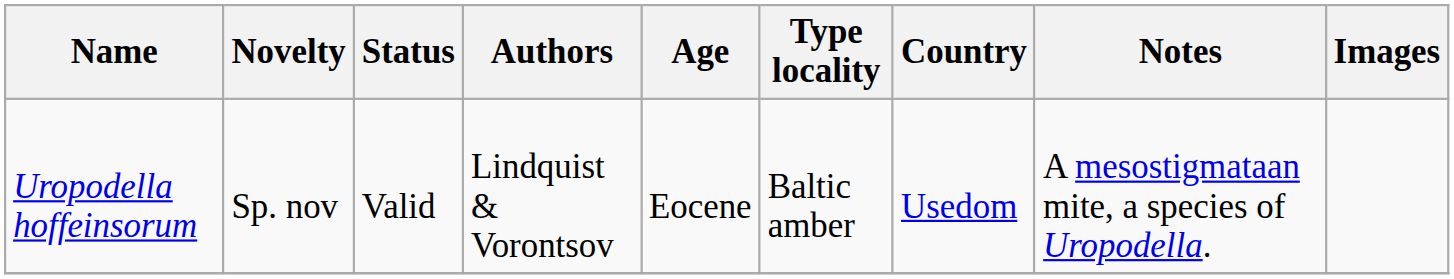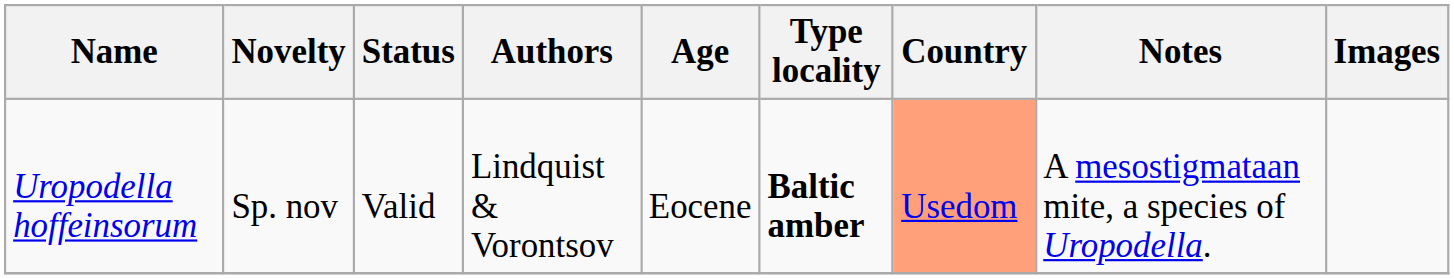 <table class="wikitable sortable" align="center" width="75%">
 <tr>
 <th>Name</th>
 <th>Novelty</th>
 <th>Status</th>
 <th>Authors</th>
 <th>Age</th>
 <th>Type locality</th>
 <th>Country</th>
 <th>Notes</th>
 <th>Images</th>
 </tr>
 <tr>
 <td><br><em><a href='#'>Uropodella hoffeinsorum</a></em></td>
 <td><br>Sp. nov</td>
 <td><br>Valid</td>
 <td><br>Lindquist & Vorontsov</td>
 <td><br>Eocene</td>
-<td><br>Baltic amber</td>
-<td><br><a href='#'>Usedom</a></td>
+<td><strong><br>Baltic amber</strong></td>
+<td style="background: lightsalmon;"><br><a href='#'>Usedom</a></td>
 <td><br>A <a href='#'>mesostigmataan</a> mite, a species of <em><a href='#'>Uropodella</a></em>.</td>
 <td></td>
 </tr>
 <tr>
 </tr>
 </table>
